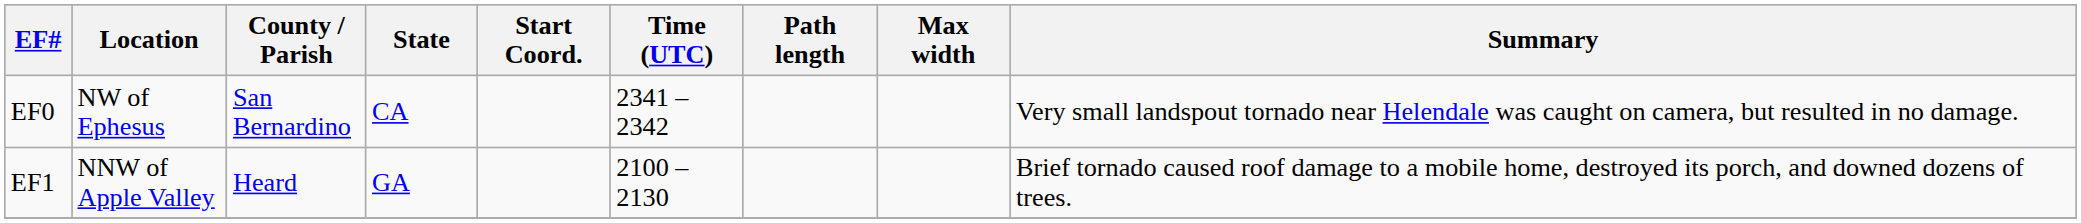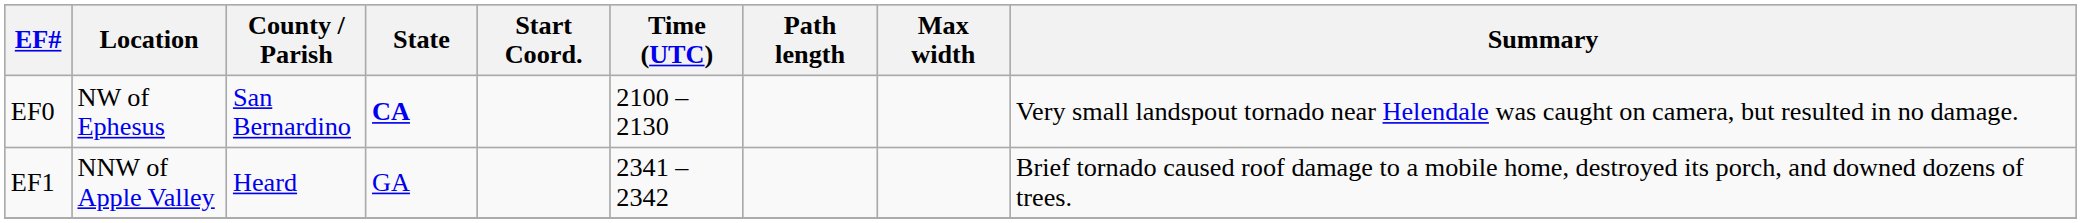 <table class="wikitable sortable" style="width:100%;">
 <tr>
 <th scope="col" width="3%" align="center"><a href='#'>EF#</a></th>
 <th scope="col" width="7%" align="center" class="unsortable">Location</th>
 <th scope="col" width="6%" align="center" class="unsortable">County / Parish</th>
 <th scope="col" width="5%" align="center">State</th>
 <th scope="col" width="6%" align="center">Start Coord.</th>
 <th scope="col" width="6%" align="center">Time (<a href='#'>UTC</a>)</th>
 <th scope="col" width="6%" align="center">Path length</th>
 <th scope="col" width="6%" align="center">Max width</th>
 <th scope="col" width="48%" class="unsortable" align="center">Summary</th>
 </tr>
 <tr>
 <td>EF0</td>
 <td>NW of <a href='#'>Ephesus</a></td>
 <td><a href='#'>San Bernardino</a></td>
-<td><a href='#'>CA</a></td>
+<td><strong><a href='#'>CA</a></strong></td>
 <td></td>
-<td>2341 – 2342</td>
+<td>2100 – 2130</td>
 <td></td>
 <td></td>
 <td>Very small landspout tornado near <a href='#'>Helendale</a> was caught on camera, but resulted in no damage.</td>
 </tr>
 <tr>
 <td>EF1</td>
 <td>NNW of <a href='#'>Apple Valley</a></td>
 <td><a href='#'>Heard</a></td>
 <td><a href='#'>GA</a></td>
 <td></td>
-<td>2100 – 2130</td>
+<td>2341 – 2342</td>
 <td></td>
 <td></td>
 <td>Brief tornado caused roof damage to a mobile home, destroyed its porch, and downed dozens of trees.</td>
 </tr>
 <tr>
 </tr>
 </table>
